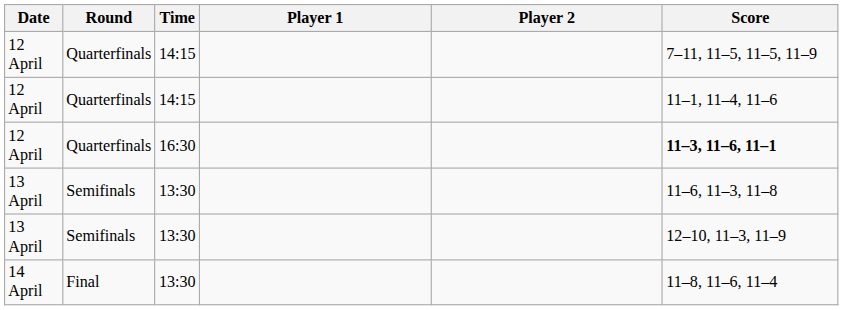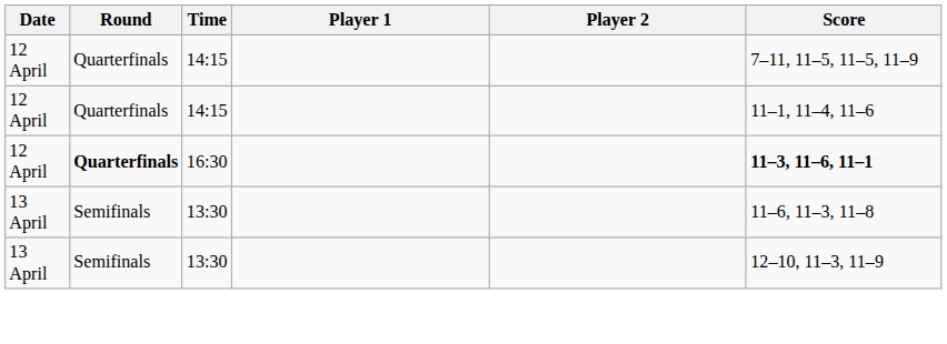 <table class="sortable wikitable" style="font-size:90%">
 <tr>
 <th width="45" class="unsortable">Date</th>
 <th width="55">Round</th>
 <th width="30">Time</th>
 <th width="200">Player 1</th>
 <th width="200">Player 2</th>
 <th width="150" class="unsortable">Score</th>
 </tr>
 <tr>
 <td>12 April</td>
 <td>Quarterfinals</td>
 <td>14:15</td>
 <td></td>
 <td><strong></strong></td>
 <td>7–11, 11–5, 11–5, 11–9</td>
 </tr>
 <tr>
 <td>12 April</td>
 <td>Quarterfinals</td>
 <td>14:15</td>
 <td><strong></strong></td>
 <td></td>
 <td>11–1, 11–4, 11–6</td>
 </tr>
 <tr>
 <td>12 April</td>
-<td>Quarterfinals</td>
+<td><strong>Quarterfinals</strong></td>
 <td>16:30</td>
 <td></td>
 <td><strong></strong></td>
 <td><strong>11–3, 11–6, 11–1</strong></td>
 </tr>
 <tr>
 <td>13 April</td>
 <td>Semifinals</td>
 <td>13:30</td>
 <td><strong></strong></td>
 <td></td>
 <td>11–6, 11–3, 11–8</td>
 </tr>
 <tr>
 <td>13 April</td>
 <td>Semifinals</td>
 <td>13:30</td>
 <td></td>
 <td><strong></strong></td>
 <td>12–10, 11–3, 11–9</td>
 </tr>
-<tr>
-<td>14 April</td>
-<td>Final</td>
-<td>13:30</td>
-<td><strong></strong></td>
-<td></td>
-<td>11–8, 11–6, 11–4</td>
-</tr>
 </table>
